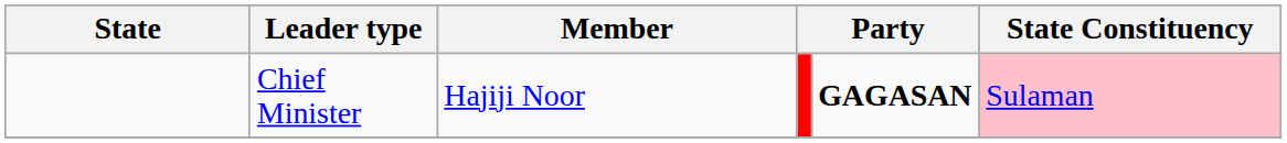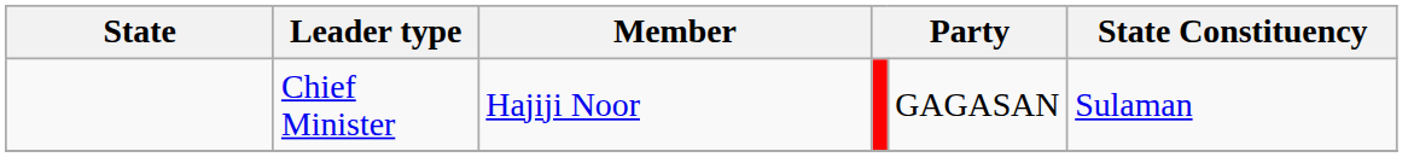 <table class ="wikitable sortable">
 <tr>
 <th style="width:120px;">State</th>
 <th style="width:90px;">Leader type</th>
 <th style="width:180px;">Member</th>
 <th style="width:84px;" colspan=2>Party</th>
 <th style="width:150px;">State Constituency</th>
 </tr>
 <tr>
 <td></td>
 <td><a href='#'>Chief Minister</a></td>
 <td><a href='#'>Hajiji Noor</a></td>
 <td style="background:red"></td>
-<td><strong>GAGASAN</strong></td>
-<td style="background: pink;"><a href='#'>Sulaman</a></td>
+<td>GAGASAN</td>
+<td><a href='#'>Sulaman</a></td>
 </tr>
 <tr>
 </tr>
 </table>
